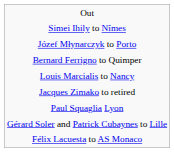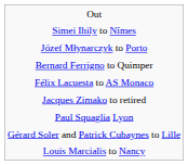 <table class= border="2" cellpadding="4" cellspacing="0" style="text-align:center; margin: 1em 1em 1em 0; background: #f9f9f9; border:1px #aaa solid; border-collapse: collapse; font-size: 95%">
 <tr>
 <td>Out</td>
 </tr>
 <tr>
 <td><a href='#'>Simei Ihily</a> to <a href='#'>Nîmes</a></td>
 </tr>
 <tr>
 <td><a href='#'>Józef Młynarczyk</a> to <a href='#'>Porto</a></td>
 </tr>
 <tr>
 <td><a href='#'>Bernard Ferrigno</a> to Quimper</td>
 </tr>
 <tr>
-<td><a href='#'>Louis Marcialis</a> to <a href='#'>Nancy</a></td>
+<td><a href='#'>Félix Lacuesta</a> to <a href='#'>AS Monaco</a></td>
 </tr>
 <tr>
 <td><a href='#'>Jacques Zimako</a> to retired</td>
 </tr>
 <tr>
 <td><a href='#'>Paul Squaglia</a> <a href='#'>Lyon</a></td>
 </tr>
 <tr>
 <td><a href='#'>Gérard Soler</a> and <a href='#'>Patrick Cubaynes</a> to <a href='#'>Lille</a></td>
 </tr>
 <tr>
-<td><a href='#'>Félix Lacuesta</a> to <a href='#'>AS Monaco</a></td>
+<td><a href='#'>Louis Marcialis</a> to <a href='#'>Nancy</a></td>
 </tr>
 <tr>
 </tr>
 </table>
